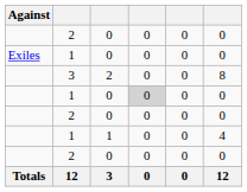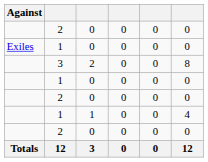 <table class="wikitable" style="text-align:center;">
 <tr>
 <th>Against</th>
 <th style="width:40px;"></th>
 <th style="width:40px;"></th>
 <th style="width:40px;"></th>
 <th style="width:40px;"></th>
 <th style="width:40px;"></th>
 </tr>
 <tr>
 <td style="text-align:left;"></td>
 <td>2</td>
 <td>0</td>
 <td>0</td>
 <td>0</td>
 <td>0</td>
 </tr>
 <tr>
 <td style="text-align:left;"><a href='#'>Exiles</a></td>
 <td>1</td>
 <td>0</td>
 <td>0</td>
 <td>0</td>
 <td>0</td>
 </tr>
 <tr>
 <td style="text-align:left;"></td>
 <td>3</td>
 <td>2</td>
 <td>0</td>
 <td>0</td>
 <td>8</td>
 </tr>
 <tr>
 <td style="text-align:left;"></td>
 <td>1</td>
 <td>0</td>
-<td style="background: lightgrey;">0</td>
+<td>0</td>
 <td>0</td>
 <td>0</td>
 </tr>
 <tr>
 <td style="text-align:left;"></td>
 <td>2</td>
 <td>0</td>
 <td>0</td>
 <td>0</td>
 <td>0</td>
 </tr>
 <tr>
 <td style="text-align:left;"></td>
 <td>1</td>
 <td>1</td>
 <td>0</td>
 <td>0</td>
 <td>4</td>
 </tr>
 <tr>
 <td style="text-align:left;"></td>
 <td>2</td>
 <td>0</td>
 <td>0</td>
 <td>0</td>
 <td>0</td>
 </tr>
 <tr>
 <th>Totals</th>
 <th>12</th>
 <th>3</th>
 <th>0</th>
 <th>0</th>
 <th>12</th>
 </tr>
 </table>
